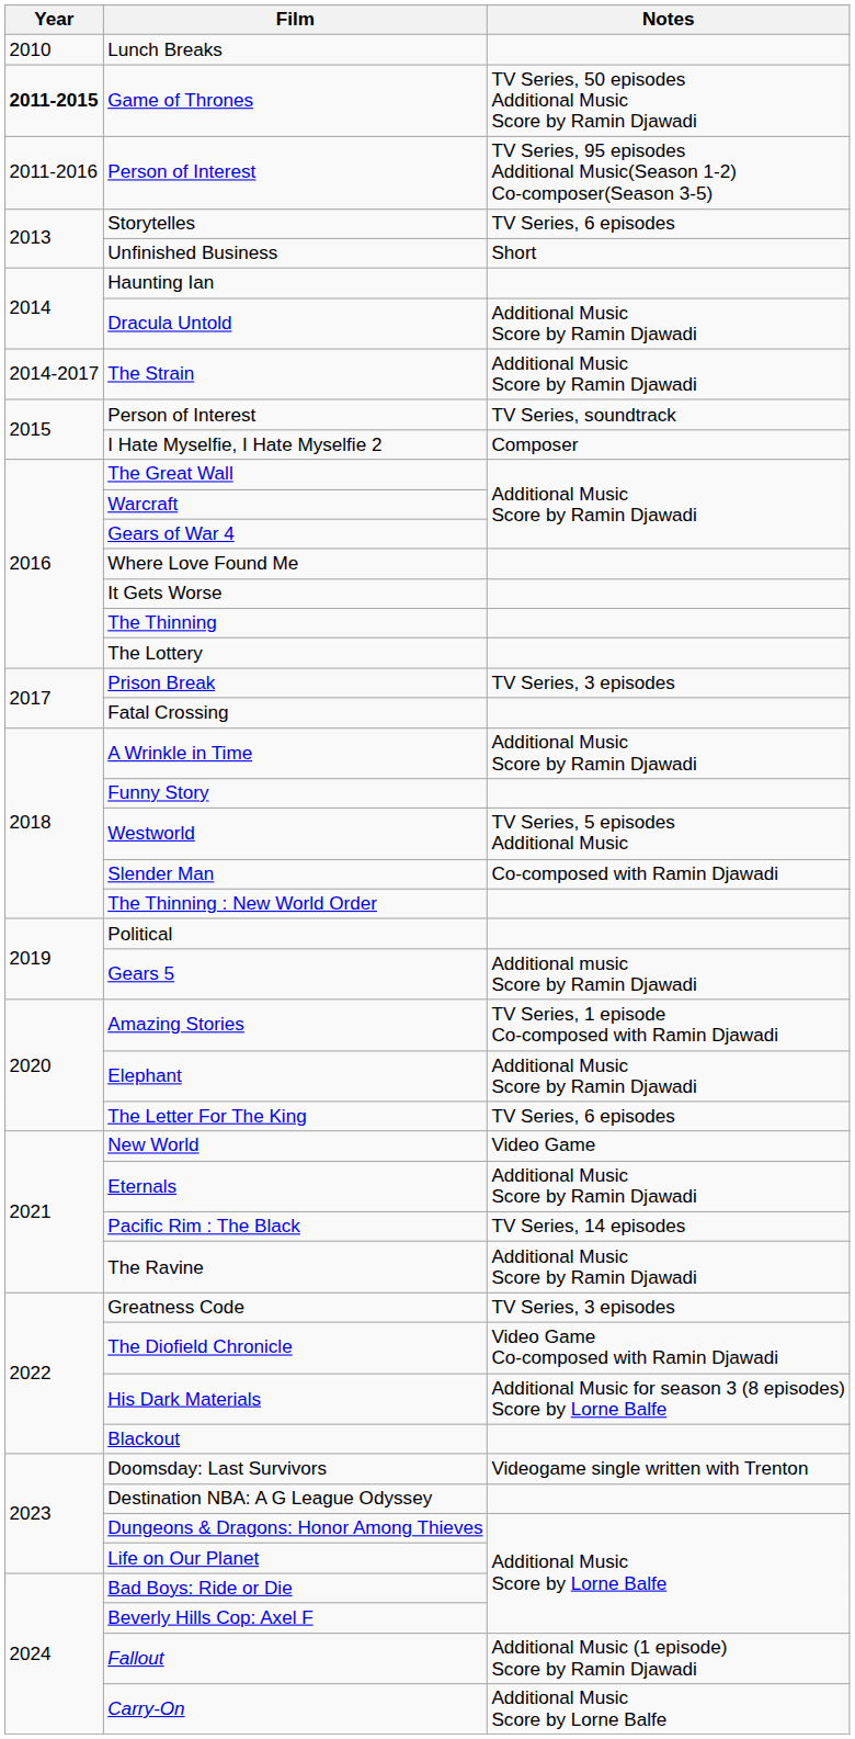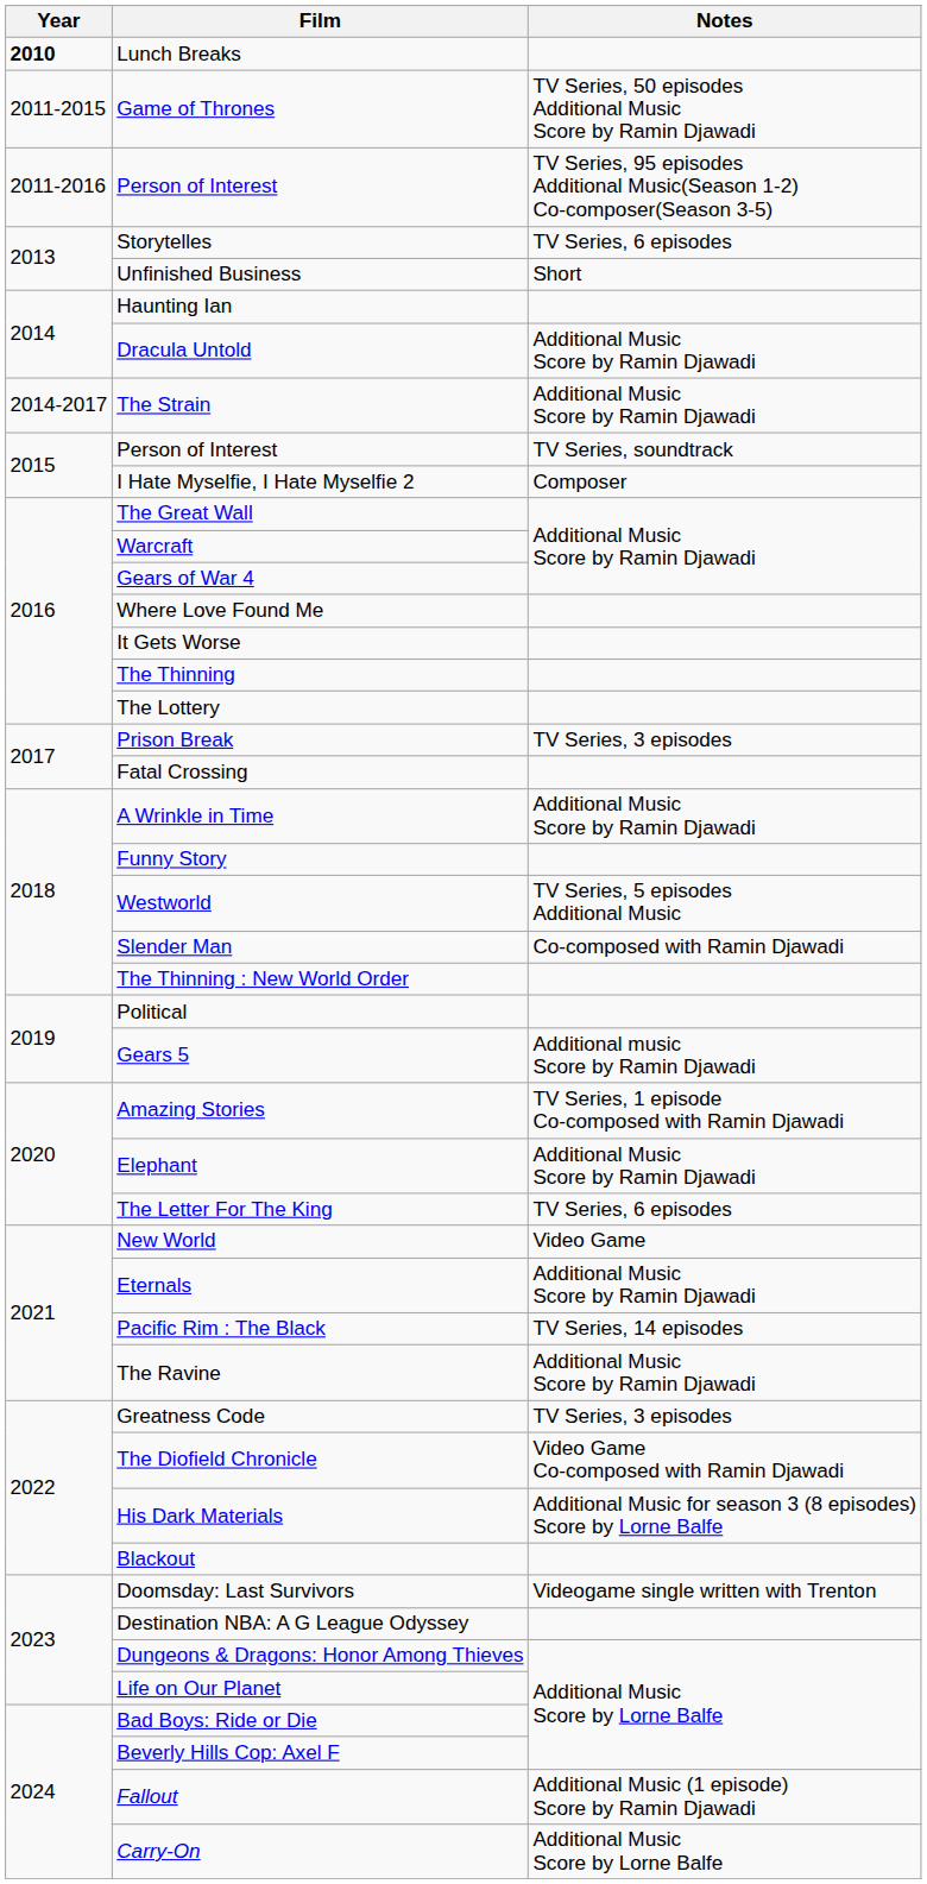 <table class="wikitable">
 <tr>
 <th>Year</th>
 <th>Film</th>
 <th>Notes</th>
 </tr>
 <tr>
-<td>2010</td>
+<td><strong>2010</strong></td>
 <td>Lunch Breaks</td>
 <td></td>
 </tr>
 <tr>
-<td><strong>2011-2015</strong></td>
+<td>2011-2015</td>
 <td><a href='#'>Game of Thrones</a></td>
 <td>TV Series, 50 episodes<br> Additional Music<br>Score by Ramin Djawadi</td>
 </tr>
 <tr>
 <td>2011-2016</td>
 <td><a href='#'>Person of Interest</a></td>
 <td>TV Series, 95 episodes<br>Additional Music(Season 1-2)<br>Co-composer(Season 3-5)</td>
 </tr>
 <tr>
 <td rowspan="2">2013</td>
 <td>Storytelles</td>
 <td>TV Series, 6 episodes</td>
 </tr>
 <tr>
 <td>Unfinished Business</td>
 <td>Short</td>
 </tr>
 <tr>
 <td rowspan="4">2014</td>
 <td>Haunting Ian</td>
 <td rowspan="2"></td>
 </tr>
 <tr>
 <td rowspan="2"><a href='#'>Dracula Untold</a></td>
 </tr>
 <tr>
 <td>Additional Music<br>Score by Ramin Djawadi</td>
 </tr>
 <tr>
 <td rowspan="2"><a href='#'>The Strain</a></td>
 <td rowspan="2">Additional Music<br>Score by Ramin Djawadi</td>
 </tr>
 <tr>
 <td>2014-2017</td>
 </tr>
 <tr>
 <td rowspan="2">2015</td>
 <td>Person of Interest</td>
 <td>TV Series, soundtrack</td>
 </tr>
 <tr>
 <td>I Hate Myselfie, I Hate Myselfie 2</td>
 <td>Composer</td>
 </tr>
 <tr>
 <td rowspan="7">2016</td>
 <td><a href='#'>The Great Wall</a></td>
 <td rowspan="3">Additional Music<br>Score by Ramin Djawadi</td>
 </tr>
 <tr>
 <td><a href='#'>Warcraft</a></td>
 </tr>
 <tr>
 <td><a href='#'>Gears of War 4</a></td>
 </tr>
 <tr>
 <td>Where Love Found Me</td>
 <td></td>
 </tr>
 <tr>
 <td>It Gets Worse</td>
 <td></td>
 </tr>
 <tr>
 <td><a href='#'>The Thinning</a></td>
 <td></td>
 </tr>
 <tr>
 <td>The Lottery</td>
 <td></td>
 </tr>
 <tr>
 <td rowspan="2">2017</td>
 <td><a href='#'>Prison Break</a></td>
 <td>TV Series, 3 episodes</td>
 </tr>
 <tr>
 <td>Fatal Crossing</td>
 <td></td>
 </tr>
 <tr>
 <td rowspan="5">2018</td>
 <td><a href='#'>A Wrinkle in Time</a></td>
 <td>Additional Music<br>Score by Ramin Djawadi</td>
 </tr>
 <tr>
 <td><a href='#'>Funny Story</a></td>
 <td></td>
 </tr>
 <tr>
 <td><a href='#'>Westworld</a></td>
 <td>TV Series, 5 episodes<br>Additional Music</td>
 </tr>
 <tr>
 <td><a href='#'>Slender Man</a></td>
 <td>Co-composed with Ramin Djawadi</td>
 </tr>
 <tr>
 <td><a href='#'>The Thinning : New World Order</a></td>
 <td></td>
 </tr>
 <tr>
 <td rowspan="2">2019</td>
 <td>Political</td>
 <td></td>
 </tr>
 <tr>
 <td><a href='#'>Gears 5</a></td>
 <td>Additional music<br>Score by Ramin Djawadi</td>
 </tr>
 <tr>
 <td rowspan="3">2020</td>
 <td><a href='#'>Amazing Stories</a></td>
 <td>TV Series, 1 episode<br>Co-composed with Ramin Djawadi</td>
 </tr>
 <tr>
 <td><a href='#'>Elephant</a></td>
 <td>Additional Music<br>Score by Ramin Djawadi</td>
 </tr>
 <tr>
 <td><a href='#'>The Letter For The King</a></td>
 <td>TV Series, 6 episodes</td>
 </tr>
 <tr>
 <td rowspan="4">2021</td>
 <td><a href='#'>New World</a></td>
 <td>Video Game</td>
 </tr>
 <tr>
 <td><a href='#'>Eternals</a></td>
 <td>Additional Music<br>Score by Ramin Djawadi</td>
 </tr>
 <tr>
 <td><a href='#'>Pacific Rim : The Black</a></td>
 <td>TV Series, 14 episodes</td>
 </tr>
 <tr>
 <td>The Ravine</td>
 <td>Additional Music<br>Score by Ramin Djawadi</td>
 </tr>
 <tr>
 <td rowspan="4">2022</td>
 <td>Greatness Code</td>
 <td>TV Series, 3 episodes</td>
 </tr>
 <tr>
 <td><a href='#'>The Diofield Chronicle</a></td>
 <td>Video Game<br>Co-composed with Ramin Djawadi</td>
 </tr>
 <tr>
 <td><a href='#'>His Dark Materials</a></td>
 <td>Additional Music for season 3 (8 episodes)<br>Score by <a href='#'>Lorne Balfe</a></td>
 </tr>
 <tr>
 <td><a href='#'>Blackout</a></td>
 <td></td>
 </tr>
 <tr>
 <td rowspan="4">2023</td>
 <td>Doomsday: Last Survivors</td>
 <td>Videogame single written with Trenton</td>
 </tr>
 <tr>
 <td>Destination NBA: A G League Odyssey</td>
 <td></td>
 </tr>
 <tr>
 <td><a href='#'>Dungeons & Dragons: Honor Among Thieves</a></td>
 <td rowspan="4">Additional Music<br>Score by <a href='#'>Lorne Balfe</a></td>
 </tr>
 <tr>
 <td><a href='#'>Life on Our Planet</a></td>
 </tr>
 <tr>
 <td rowspan="4">2024</td>
 <td><a href='#'>Bad Boys: Ride or Die</a></td>
 </tr>
 <tr>
 <td><a href='#'>Beverly Hills Cop: Axel F</a></td>
 </tr>
 <tr>
 <td><a href='#'><em>Fallout</em></a></td>
 <td>Additional Music (1 episode)<br>Score by Ramin Djawadi</td>
 </tr>
 <tr>
 <td><em><a href='#'>Carry-On</a></em></td>
 <td>Additional Music<br>Score by Lorne Balfe</td>
 </tr>
 </table>
